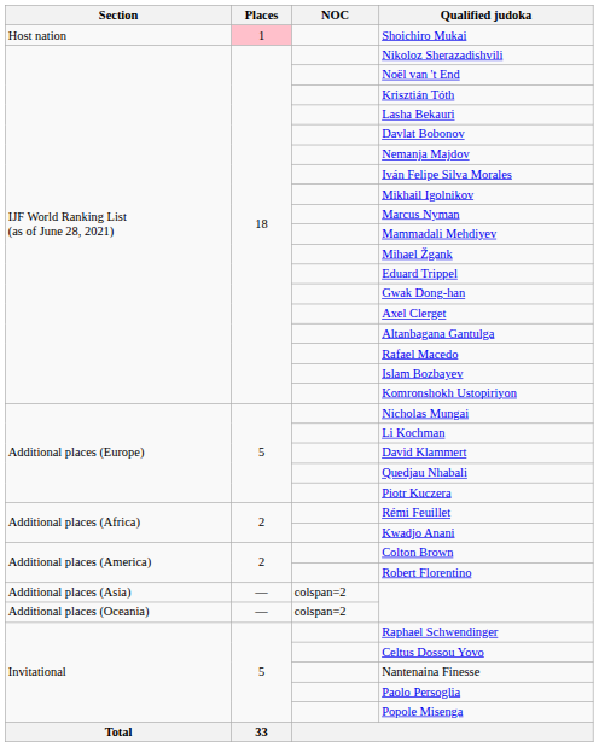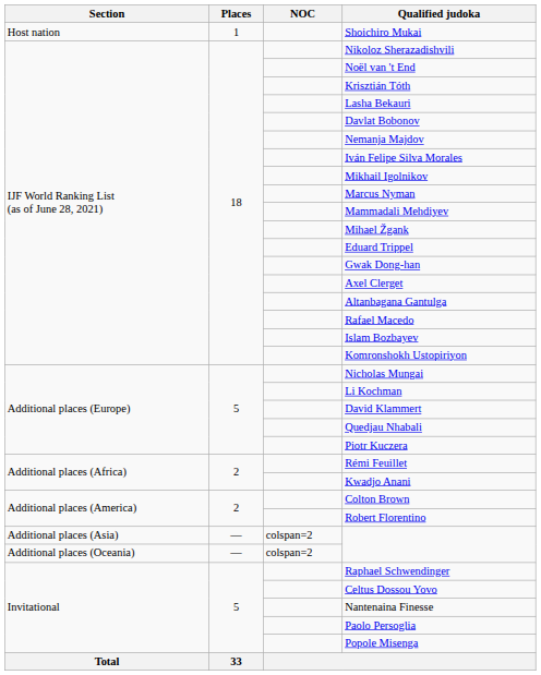 <table class="wikitable"  width=750>
 <tr>
 <th>Section</th>
 <th>Places</th>
 <th>NOC</th>
 <th>Qualified judoka</th>
 </tr>
 <tr>
 <td>Host nation</td>
-<td align=center style="background: pink;">1</td>
+<td align=center>1</td>
 <td></td>
 <td><a href='#'>Shoichiro Mukai</a></td>
 </tr>
 <tr>
 <td rowspan=18>IJF World Ranking List<br>(as of June 28, 2021)</td>
 <td rowspan=18 align=center>18</td>
 <td></td>
 <td><a href='#'>Nikoloz Sherazadishvili</a></td>
 </tr>
 <tr>
 <td></td>
 <td><a href='#'>Noël van 't End</a></td>
 </tr>
 <tr>
 <td></td>
 <td><a href='#'>Krisztián Tóth</a></td>
 </tr>
 <tr>
 <td></td>
 <td><a href='#'>Lasha Bekauri</a></td>
 </tr>
 <tr>
 <td></td>
 <td><a href='#'>Davlat Bobonov</a></td>
 </tr>
 <tr>
 <td></td>
 <td><a href='#'>Nemanja Majdov</a></td>
 </tr>
 <tr>
 <td></td>
 <td><a href='#'>Iván Felipe Silva Morales</a></td>
 </tr>
 <tr>
 <td></td>
 <td><a href='#'>Mikhail Igolnikov</a></td>
 </tr>
 <tr>
 <td></td>
 <td><a href='#'>Marcus Nyman</a></td>
 </tr>
 <tr>
 <td></td>
 <td><a href='#'>Mammadali Mehdiyev</a></td>
 </tr>
 <tr>
 <td></td>
 <td><a href='#'>Mihael Žgank</a></td>
 </tr>
 <tr>
 <td></td>
 <td><a href='#'>Eduard Trippel</a></td>
 </tr>
 <tr>
 <td></td>
 <td><a href='#'>Gwak Dong-han</a></td>
 </tr>
 <tr>
 <td></td>
 <td><a href='#'>Axel Clerget</a></td>
 </tr>
 <tr>
 <td></td>
 <td><a href='#'>Altanbagana Gantulga</a></td>
 </tr>
 <tr>
 <td></td>
 <td><a href='#'>Rafael Macedo</a></td>
 </tr>
 <tr>
 <td></td>
 <td><a href='#'>Islam Bozbayev</a></td>
 </tr>
 <tr>
 <td></td>
 <td><a href='#'>Komronshokh Ustopiriyon</a></td>
 </tr>
 <tr>
 <td rowspan=5>Additional places (Europe)</td>
 <td rowspan=5 align=center>5</td>
 <td></td>
 <td><a href='#'>Nicholas Mungai</a></td>
 </tr>
 <tr>
 <td></td>
 <td><a href='#'>Li Kochman</a></td>
 </tr>
 <tr>
 <td></td>
 <td><a href='#'>David Klammert</a></td>
 </tr>
 <tr>
 <td></td>
 <td><a href='#'>Quedjau Nhabali</a></td>
 </tr>
 <tr>
 <td></td>
 <td><a href='#'>Piotr Kuczera</a></td>
 </tr>
 <tr>
 <td rowspan=2>Additional places (Africa)</td>
 <td rowspan=2 align=center>2</td>
 <td></td>
 <td><a href='#'>Rémi Feuillet</a></td>
 </tr>
 <tr>
 <td></td>
 <td><a href='#'>Kwadjo Anani</a></td>
 </tr>
 <tr>
 <td rowspan=2>Additional places (America)</td>
 <td rowspan=2 align=center>2</td>
 <td></td>
 <td><a href='#'>Colton Brown</a></td>
 </tr>
 <tr>
 <td></td>
 <td><a href='#'>Robert Florentino</a></td>
 </tr>
 <tr>
 <td>Additional places (Asia)</td>
 <td align=center>—</td>
 <td>colspan=2 </td>
 </tr>
 <tr>
 <td>Additional places (Oceania)</td>
 <td align=center>—</td>
 <td>colspan=2 </td>
 </tr>
 <tr>
 <td rowspan=5>Invitational</td>
 <td rowspan=5 align=center>5</td>
 <td></td>
 <td><a href='#'>Raphael Schwendinger</a></td>
 </tr>
 <tr>
 <td></td>
 <td><a href='#'>Celtus Dossou Yovo</a></td>
 </tr>
 <tr>
 <td></td>
 <td>Nantenaina Finesse</td>
 </tr>
 <tr>
 <td></td>
 <td><a href='#'>Paolo Persoglia</a></td>
 </tr>
 <tr>
 <td></td>
 <td><a href='#'>Popole Misenga</a></td>
 </tr>
 <tr>
 <th>Total</th>
 <th>33</th>
 <th colspan=2></th>
 </tr>
 </table>
